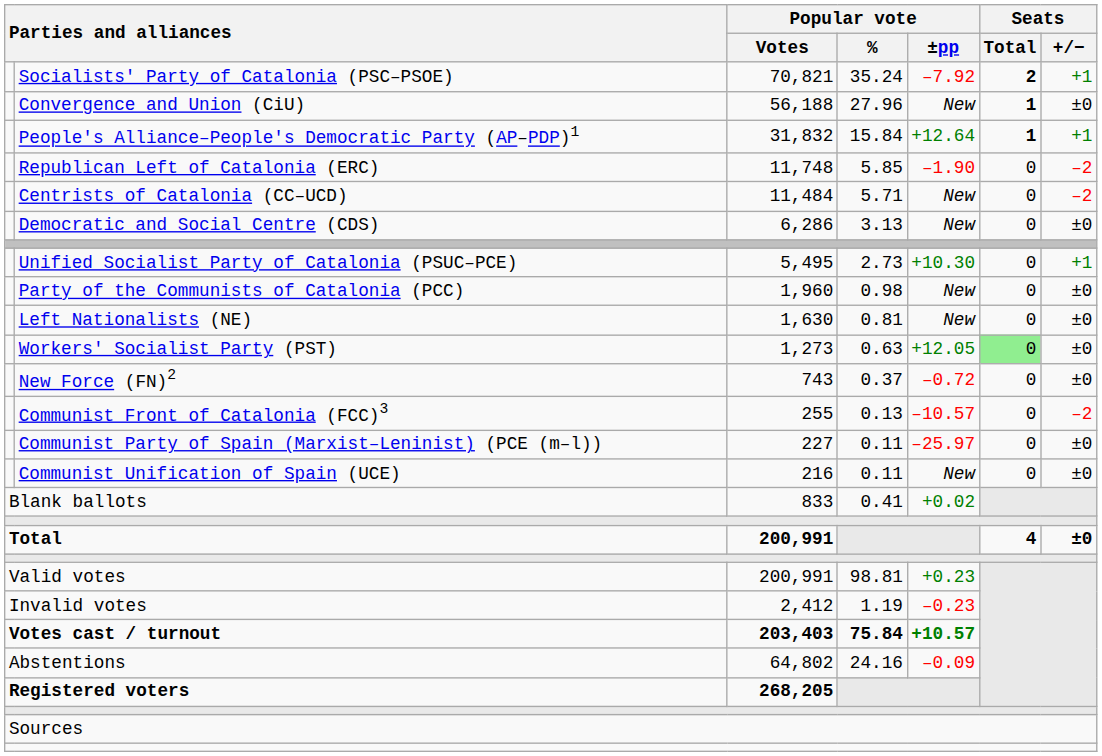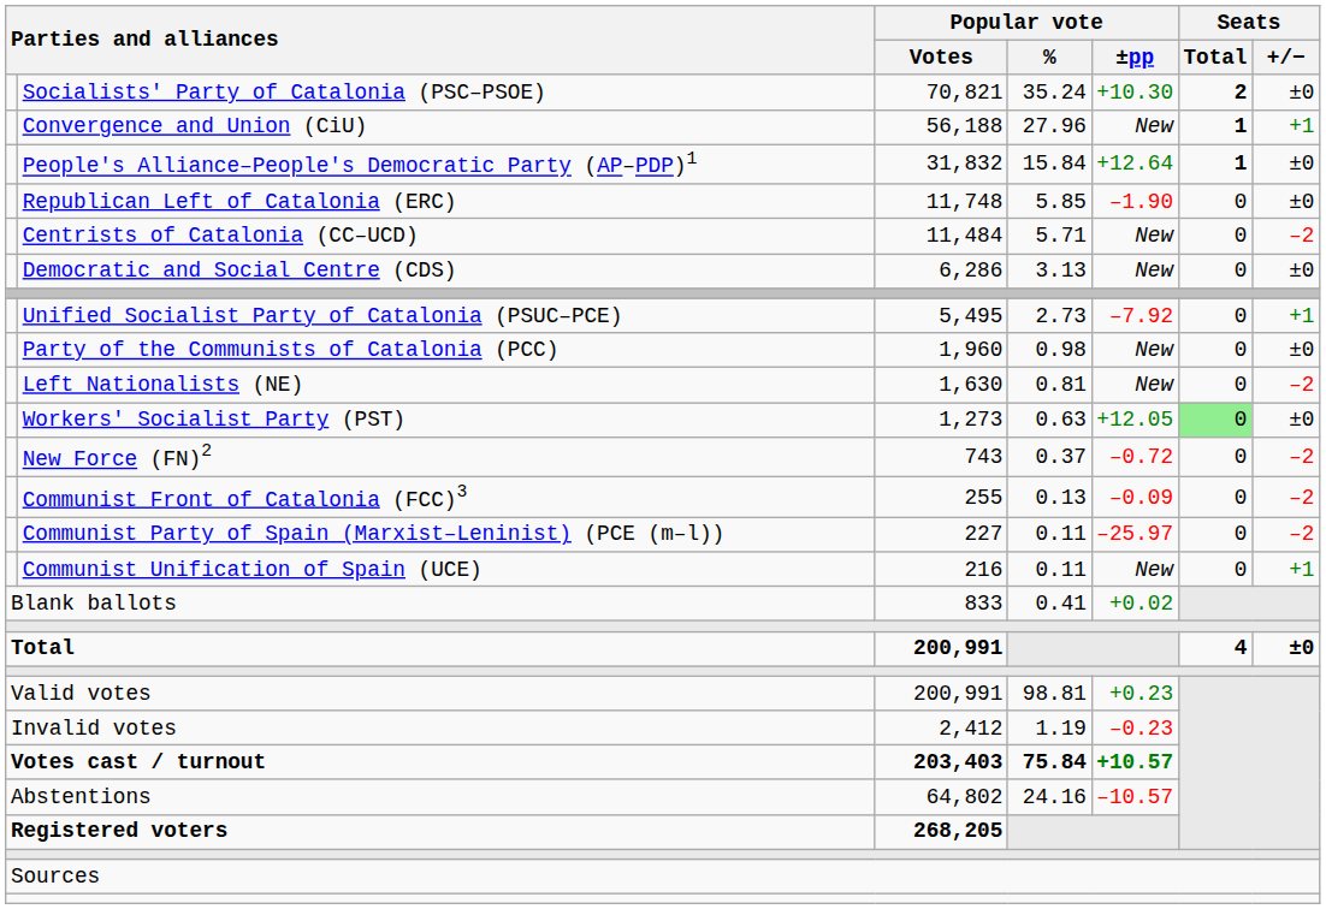 <table class="wikitable" style="text-align:right;">
 <tr>
 <th style="text-align:left;" rowspan="2" colspan="2" width="525">Parties and alliances</th>
 <th colspan="3">Popular vote</th>
 <th colspan="2">Seats</th>
 </tr>
 <tr>
 <th width="75">Votes</th>
 <th width="45">%</th>
 <th width="45">±<a href='#'>pp</a></th>
 <th width="35">Total</th>
 <th width="35">+/−</th>
 </tr>
 <tr>
 <td width="1" style="color:inherit;background:"></td>
 <td align="left"><a href='#'>Socialists' Party of Catalonia</a> (PSC–PSOE)</td>
 <td>70,821</td>
 <td>35.24</td>
-<td style="color:red;">–7.92</td>
+<td style="color:green;">+10.30</td>
 <td><strong>2</strong></td>
-<td style="color:green;">+1</td>
+<td>±0</td>
 </tr>
 <tr>
 <td style="color:inherit;background:"></td>
 <td align="left"><a href='#'>Convergence and Union</a> (CiU)</td>
 <td>56,188</td>
 <td>27.96</td>
 <td><em>New</em></td>
 <td><strong>1</strong></td>
-<td>±0</td>
+<td style="color:green;">+1</td>
 </tr>
 <tr>
 <td style="color:inherit;background:"></td>
 <td align="left"><a href='#'>People's Alliance–People's Democratic Party</a> (<a href='#'>AP</a>–<a href='#'>PDP</a>)<sup>1</sup></td>
 <td>31,832</td>
 <td>15.84</td>
 <td style="color:green;">+12.64</td>
 <td><strong>1</strong></td>
-<td style="color:green;">+1</td>
+<td>±0</td>
 </tr>
 <tr>
 <td style="color:inherit;background:"></td>
 <td align="left"><a href='#'>Republican Left of Catalonia</a> (ERC)</td>
 <td>11,748</td>
 <td>5.85</td>
 <td style="color:red;">–1.90</td>
 <td>0</td>
-<td style="color:red;">–2</td>
+<td>±0</td>
 </tr>
 <tr>
 <td style="color:inherit;background:"></td>
 <td align="left"><a href='#'>Centrists of Catalonia</a> (CC–UCD)</td>
 <td>11,484</td>
 <td>5.71</td>
 <td><em>New</em></td>
 <td>0</td>
 <td style="color:red;">–2</td>
 </tr>
 <tr>
 <td style="color:inherit;background:"></td>
 <td align="left"><a href='#'>Democratic and Social Centre</a> (CDS)</td>
 <td>6,286</td>
 <td>3.13</td>
 <td><em>New</em></td>
 <td>0</td>
 <td>±0</td>
 </tr>
 <tr>
 <td colspan="7" bgcolor="#C0C0C0"></td>
 </tr>
 <tr>
 <td style="color:inherit;background:"></td>
 <td align="left"><a href='#'>Unified Socialist Party of Catalonia</a> (PSUC–PCE)</td>
 <td>5,495</td>
 <td>2.73</td>
-<td style="color:green;">+10.30</td>
+<td style="color:red;">–7.92</td>
 <td>0</td>
 <td style="color:green;">+1</td>
 </tr>
 <tr>
 <td style="color:inherit;background:"></td>
 <td align="left"><a href='#'>Party of the Communists of Catalonia</a> (PCC)</td>
 <td>1,960</td>
 <td>0.98</td>
 <td><em>New</em></td>
 <td>0</td>
 <td>±0</td>
 </tr>
 <tr>
 <td style="color:inherit;background:"></td>
 <td align="left"><a href='#'>Left Nationalists</a> (NE)</td>
 <td>1,630</td>
 <td>0.81</td>
 <td><em>New</em></td>
 <td>0</td>
-<td>±0</td>
+<td style="color:red;">–2</td>
 </tr>
 <tr>
 <td style="color:inherit;background:"></td>
 <td align="left"><a href='#'>Workers' Socialist Party</a> (PST)</td>
 <td>1,273</td>
 <td>0.63</td>
 <td style="color:green;">+12.05</td>
 <td style="background: lightgreen;">0</td>
 <td>±0</td>
 </tr>
 <tr>
 <td style="color:inherit;background:"></td>
 <td align="left"><a href='#'>New Force</a> (FN)<sup>2</sup></td>
 <td>743</td>
 <td>0.37</td>
 <td style="color:red;">–0.72</td>
 <td>0</td>
-<td>±0</td>
+<td style="color:red;">–2</td>
 </tr>
 <tr>
 <td style="color:inherit;background:"></td>
 <td align="left"><a href='#'>Communist Front of Catalonia</a> (FCC)<sup>3</sup></td>
 <td>255</td>
 <td>0.13</td>
-<td style="color:red;">–10.57</td>
+<td style="color:red;">–0.09</td>
 <td>0</td>
 <td style="color:red;">–2</td>
 </tr>
 <tr>
 <td style="color:inherit;background:"></td>
 <td align="left"><a href='#'>Communist Party of Spain (Marxist–Leninist)</a> (PCE (m–l))</td>
 <td>227</td>
 <td>0.11</td>
 <td style="color:red;">–25.97</td>
 <td>0</td>
-<td>±0</td>
+<td style="color:red;">–2</td>
 </tr>
 <tr>
 <td style="color:inherit;background:"></td>
 <td align="left"><a href='#'>Communist Unification of Spain</a> (UCE)</td>
 <td>216</td>
 <td>0.11</td>
 <td><em>New</em></td>
 <td>0</td>
-<td>±0</td>
+<td style="color:green;">+1</td>
 </tr>
 <tr>
 <td align="left" colspan="2">Blank ballots</td>
 <td>833</td>
 <td>0.41</td>
 <td style="color:green;">+0.02</td>
 <td bgcolor="#E9E9E9" colspan="2"></td>
 </tr>
 <tr>
 <td colspan="7" bgcolor="#E9E9E9"></td>
 </tr>
 <tr style="font-weight:bold;">
 <td align="left" colspan="2">Total</td>
 <td>200,991</td>
 <td bgcolor="#E9E9E9" colspan="2"></td>
 <td>4</td>
 <td>±0</td>
 </tr>
 <tr>
 <td colspan="7" bgcolor="#E9E9E9"></td>
 </tr>
 <tr>
 <td align="left" colspan="2">Valid votes</td>
 <td>200,991</td>
 <td>98.81</td>
 <td style="color:green;">+0.23</td>
 <td bgcolor="#E9E9E9" colspan="2" rowspan="5"></td>
 </tr>
 <tr>
 <td align="left" colspan="2">Invalid votes</td>
 <td>2,412</td>
 <td>1.19</td>
 <td style="color:red;">–0.23</td>
 </tr>
 <tr style="font-weight:bold;">
 <td align="left" colspan="2">Votes cast / turnout</td>
 <td>203,403</td>
 <td>75.84</td>
 <td style="color:green;">+10.57</td>
 </tr>
 <tr>
 <td align="left" colspan="2">Abstentions</td>
 <td>64,802</td>
 <td>24.16</td>
-<td style="color:red;">–0.09</td>
+<td style="color:red;">–10.57</td>
 </tr>
 <tr style="font-weight:bold;">
 <td align="left" colspan="2">Registered voters</td>
 <td>268,205</td>
 <td bgcolor="#E9E9E9" colspan="2"></td>
 </tr>
 <tr>
 <td colspan="7" bgcolor="#E9E9E9"></td>
 </tr>
 <tr>
 <td align="left" colspan="7">Sources</td>
 </tr>
 <tr>
 <td colspan="7" style="text-align:left; max-width:790px;"></td>
 </tr>
 </table>
